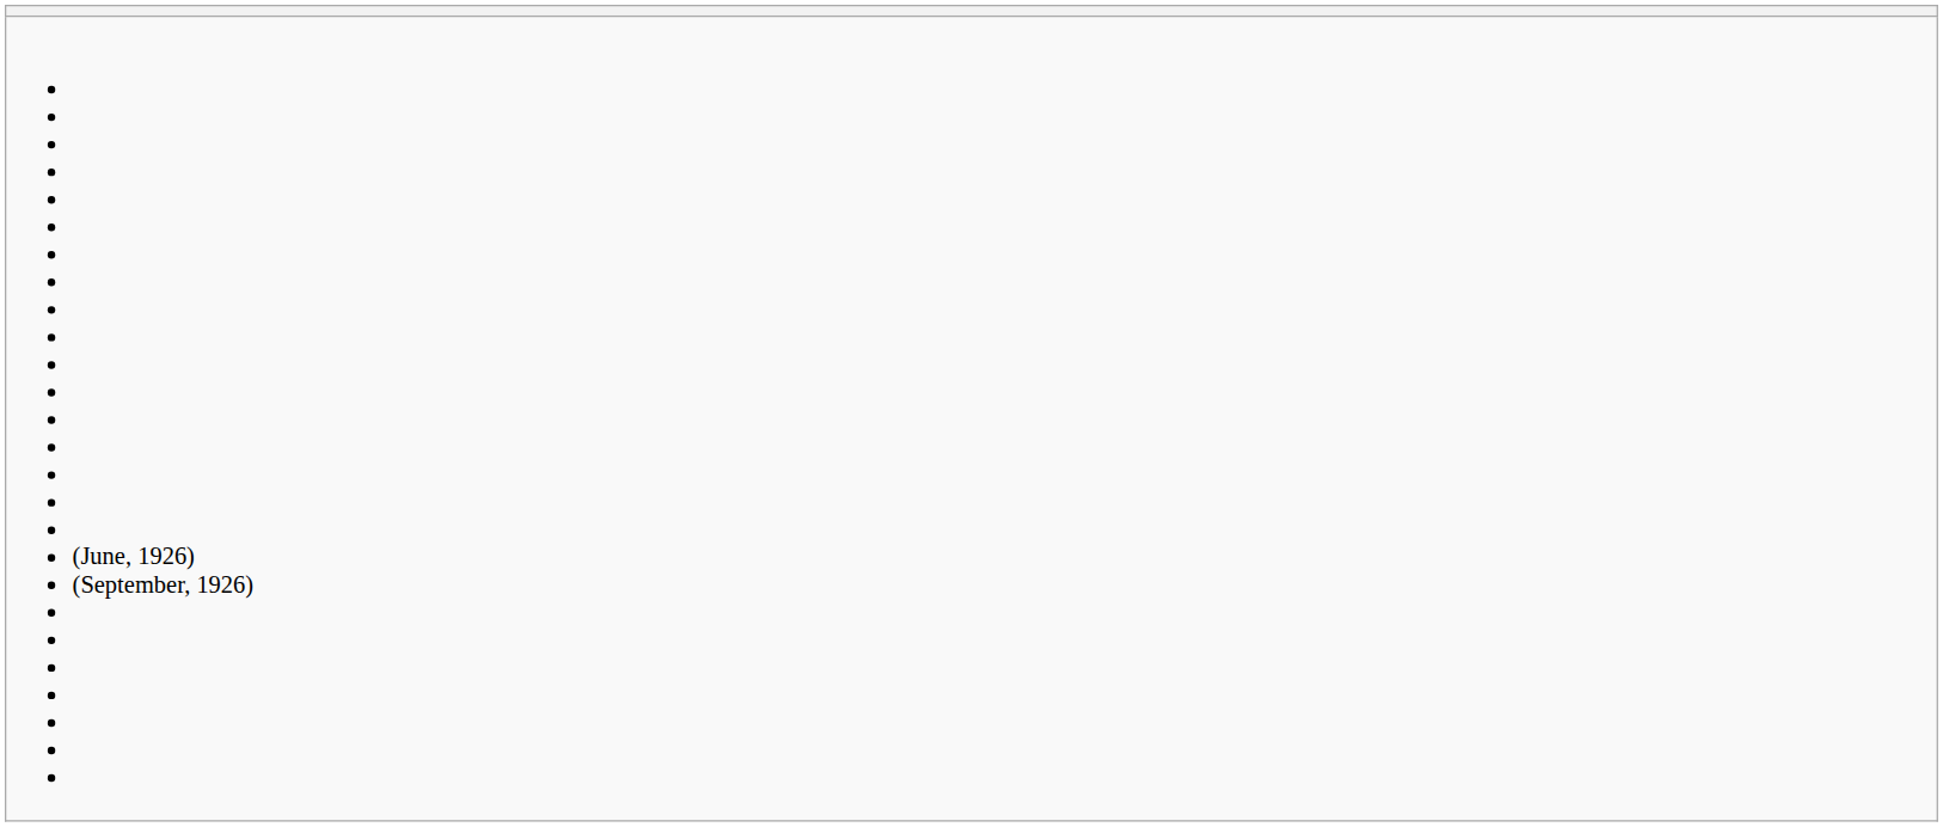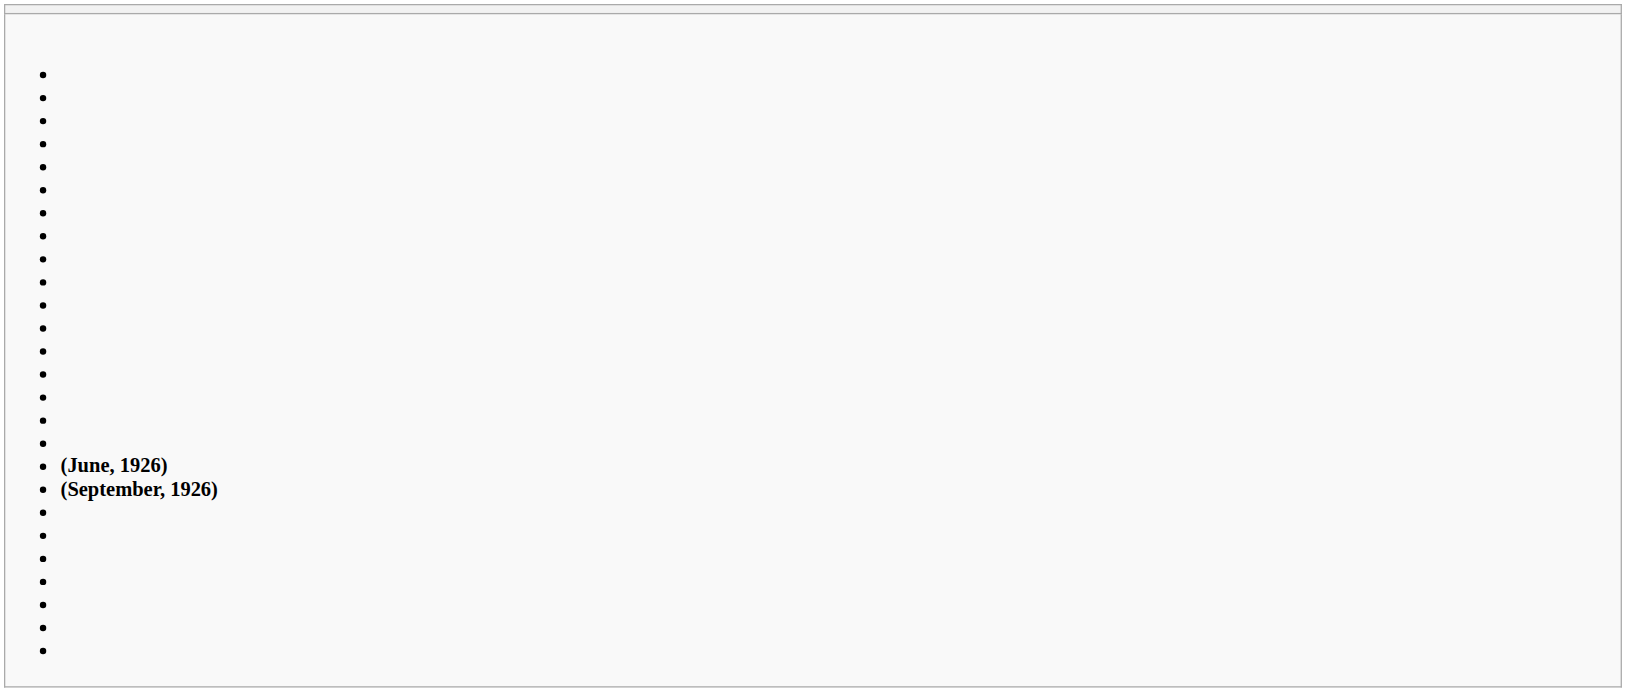 <table style="width:100%" class="wikitable collapsible collapsed">
 <tr>
 <th></th>
 </tr>
 <tr>
-<td><br><ul><li></li><li></li><li></li><li></li><li></li><li> </li><li></li><li></li><li></li><li></li><li></li><li></li><li></li><li></li><li></li><li></li><li></li><li> (June, 1926)</li><li> (September, 1926)</li><li></li><li></li><li></li><li></li><li></li><li></li><li></li></ul></td>
+<td><strong><br><ul><li></li><li></li><li></li><li></li><li></li><li> </li><li></li><li></li><li></li><li></li><li></li><li></li><li></li><li></li><li></li><li></li><li></li><li> (June, 1926)</li><li> (September, 1926)</li><li></li><li></li><li></li><li></li><li></li><li></li><li></li></ul></strong></td>
 </tr>
 </table>
